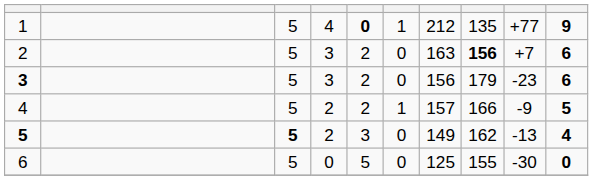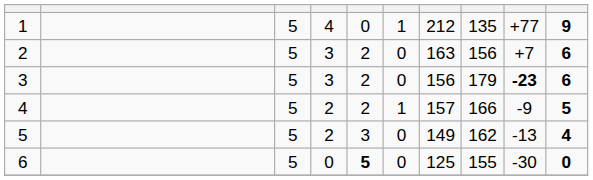 <table class="wikitable" style="text-align:center; font-size:95%">
 <tr>
 <th width="25"></th>
 <th width="200"></th>
 <th width="25"></th>
 <th width="25"></th>
 <th width="25"></th>
 <th width="25"></th>
 <th width="30"></th>
 <th width="30"></th>
 <th width="30"></th>
 <th width="30"></th>
 </tr>
 <tr style="background:#">
 <td>1</td>
 <td style="text-align:left"></td>
 <td>5</td>
 <td>4</td>
-<td><strong>0</strong></td>
+<td>0</td>
 <td>1</td>
 <td>212</td>
 <td>135</td>
 <td>+77</td>
 <td><strong>9</strong></td>
 </tr>
 <tr style="background:#">
 <td>2</td>
 <td style="text-align:left"></td>
 <td>5</td>
 <td>3</td>
 <td>2</td>
 <td>0</td>
 <td>163</td>
-<td><strong>156</strong></td>
+<td>156</td>
 <td>+7</td>
 <td><strong>6</strong></td>
 </tr>
 <tr style="background:#">
-<td><strong>3</strong></td>
+<td>3</td>
 <td style="text-align:left"></td>
 <td>5</td>
 <td>3</td>
 <td>2</td>
 <td>0</td>
 <td>156</td>
 <td>179</td>
-<td>-23</td>
+<td><strong>-23</strong></td>
 <td><strong>6</strong></td>
 </tr>
 <tr style="background:#">
 <td>4</td>
 <td style="text-align:left"></td>
 <td>5</td>
 <td>2</td>
 <td>2</td>
 <td>1</td>
 <td>157</td>
 <td>166</td>
 <td>-9</td>
 <td><strong>5</strong></td>
 </tr>
 <tr style="background-color:#">
-<td><strong>5</strong></td>
+<td>5</td>
 <td style="text-align:left"></td>
-<td><strong>5</strong></td>
+<td>5</td>
 <td>2</td>
 <td>3</td>
 <td>0</td>
 <td>149</td>
 <td>162</td>
 <td>-13</td>
 <td><strong>4</strong></td>
 </tr>
 <tr style="background-color:#">
 <td>6</td>
 <td style="text-align:left"></td>
 <td>5</td>
 <td>0</td>
-<td>5</td>
+<td><strong>5</strong></td>
 <td>0</td>
 <td>125</td>
 <td>155</td>
 <td>-30</td>
 <td><strong>0</strong></td>
 </tr>
 <tr>
 </tr>
 </table>
